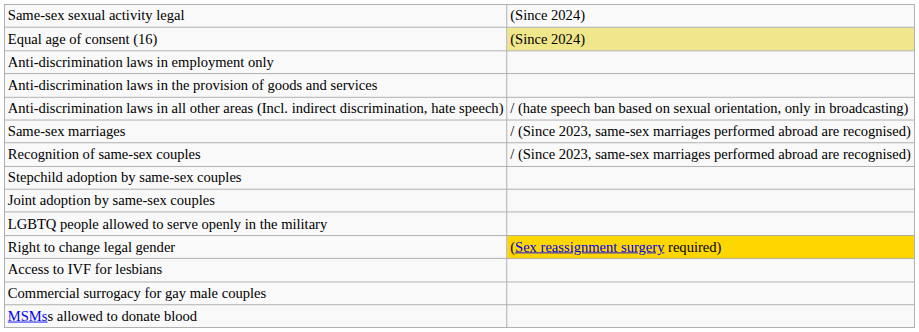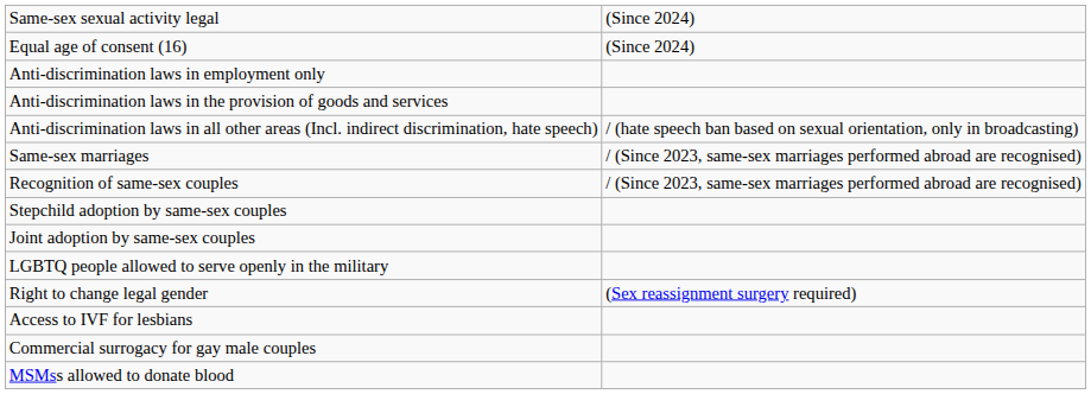 <table class="wikitable">
 <tr>
 <td>Same-sex sexual activity legal</td>
 <td> (Since 2024)</td>
 </tr>
 <tr>
 <td>Equal age of consent (16)</td>
-<td style="background: khaki;"> (Since 2024)</td>
+<td> (Since 2024)</td>
 </tr>
 <tr>
 <td>Anti-discrimination laws in employment only</td>
 <td></td>
 </tr>
 <tr>
 <td>Anti-discrimination laws in the provision of goods and services</td>
 <td></td>
 </tr>
 <tr>
 <td>Anti-discrimination laws in all other areas (Incl. indirect discrimination, hate speech)</td>
 <td>/ (hate speech ban based on sexual orientation, only in broadcasting)</td>
 </tr>
 <tr>
 <td>Same-sex marriages</td>
 <td>/ (Since 2023, same-sex marriages performed abroad are recognised)</td>
 </tr>
 <tr>
 <td>Recognition of same-sex couples</td>
 <td>/ (Since 2023, same-sex marriages performed abroad are recognised)</td>
 </tr>
 <tr>
 <td>Stepchild adoption by same-sex couples</td>
 <td></td>
 </tr>
 <tr>
 <td>Joint adoption by same-sex couples</td>
 <td></td>
 </tr>
 <tr>
 <td>LGBTQ people allowed to serve openly in the military</td>
 <td></td>
 </tr>
 <tr>
 <td>Right to change legal gender</td>
-<td style="background: gold;"> (<a href='#'>Sex reassignment surgery</a> required)</td>
+<td> (<a href='#'>Sex reassignment surgery</a> required)</td>
 </tr>
 <tr>
 <td>Access to IVF for lesbians</td>
 <td></td>
 </tr>
 <tr>
 <td>Commercial surrogacy for gay male couples</td>
 <td></td>
 </tr>
 <tr>
 <td><a href='#'>MSMs</a>s allowed to donate blood</td>
 <td></td>
 </tr>
 </table>
